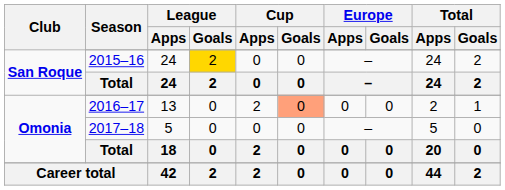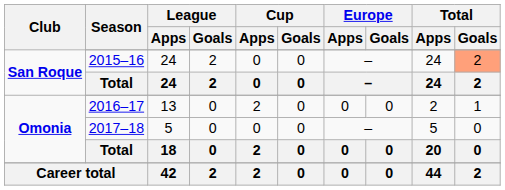 <table class="wikitable" style="text-align:center;">
 <tr>
 <th rowspan="2">Club</th>
 <th rowspan="2">Season</th>
 <th colspan="2">League</th>
 <th colspan="2">Cup</th>
 <th colspan="2"><a href='#'>Europe</a></th>
 <th colspan="2">Total</th>
 </tr>
 <tr>
 <th>Apps</th>
 <th>Goals</th>
 <th>Apps</th>
 <th>Goals</th>
 <th>Apps</th>
 <th>Goals</th>
 <th>Apps</th>
 <th>Goals</th>
 </tr>
 <tr ||-||-||-|->
 <td rowspan="3" valign="center"><strong><a href='#'>San Roque</a></strong></td>
 </tr>
 <tr>
 <td><a href='#'>2015–16</a></td>
 <td>24</td>
-<td style="background: gold;">2</td>
+<td>2</td>
 <td>0</td>
 <td>0</td>
 <td colspan="2">–</td>
 <td>24</td>
-<td>2</td>
+<td style="background: lightsalmon;">2</td>
 </tr>
 <tr>
 <th>Total</th>
 <th>24</th>
 <th>2</th>
 <th>0</th>
 <th>0</th>
 <th colspan="2">–</th>
 <th>24</th>
 <th>2</th>
 </tr>
 <tr>
 <td rowspan="4" valign="center"><strong><a href='#'>Omonia</a></strong></td>
 </tr>
 <tr>
 <td><a href='#'>2016–17</a></td>
 <td>13</td>
 <td>0</td>
 <td>2</td>
-<td style="background: lightsalmon;">0</td>
+<td>0</td>
 <td>0</td>
 <td>0</td>
 <td>2</td>
 <td>1</td>
 </tr>
 <tr>
 <td><a href='#'>2017–18</a></td>
 <td>5</td>
 <td>0</td>
 <td>0</td>
 <td>0</td>
 <td colspan="2">–</td>
 <td>5</td>
 <td>0</td>
 </tr>
 <tr>
 <th>Total</th>
 <th>18</th>
 <th>0</th>
 <th>2</th>
 <th>0</th>
 <th>0</th>
 <th>0</th>
 <th>20</th>
 <th>0</th>
 </tr>
 <tr>
 </tr>
 <tr>
 <th colspan=2>Career total</th>
 <th>42</th>
 <th>2</th>
 <th>2</th>
 <th>0</th>
 <th>0</th>
 <th>0</th>
 <th>44</th>
 <th>2</th>
 </tr>
 </table>
